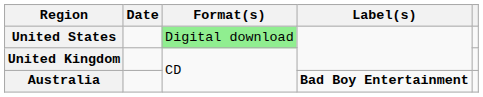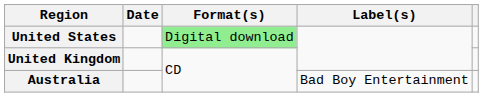 <table class="wikitable plainrowheaders">
 <tr>
 <th scope="col">Region</th>
 <th scope="col">Date</th>
 <th scope="col">Format(s)</th>
 <th scope="col">Label(s)</th>
 <th scope="col"></th>
 </tr>
 <tr>
 <th scope="row">United States</th>
 <td></td>
 <td style="background: lightgreen;">Digital download</td>
 <td rowspan="2"></td>
 <td></td>
 </tr>
 <tr>
 <th scope="row">United Kingdom</th>
 <td></td>
 <td rowspan="2">CD</td>
 <td></td>
 </tr>
 <tr>
 <th scope="row">Australia</th>
 <td></td>
-<td><strong>Bad Boy Entertainment</strong></td>
+<td>Bad Boy Entertainment</td>
 <td></td>
 </tr>
 </table>
